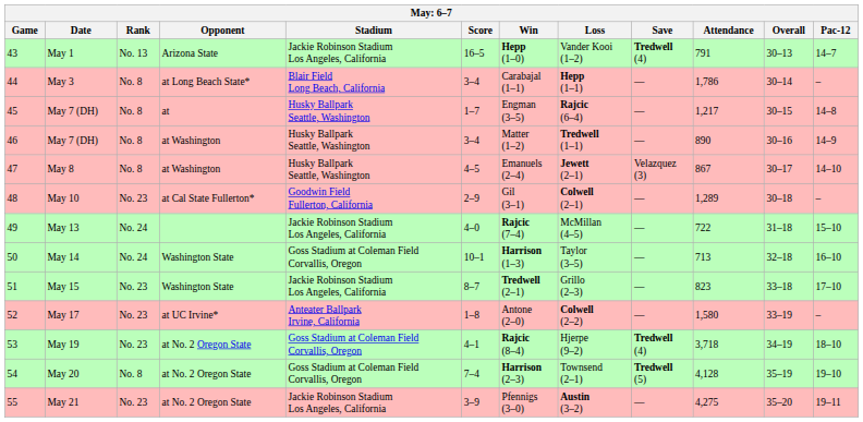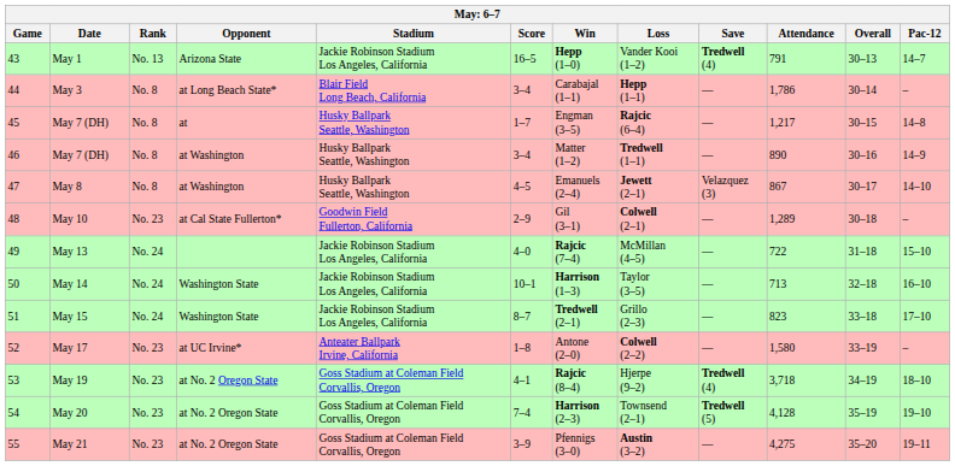 <table class="wikitable collapsible collapsed" style="margin:auto; font-size:95%; width:100%">
 <tr>
 <th colspan=12>May: 6–7</th>
 </tr>
 <tr>
 <th>Game</th>
 <th>Date</th>
 <th>Rank</th>
 <th>Opponent</th>
 <th>Stadium</th>
 <th>Score</th>
 <th>Win</th>
 <th>Loss</th>
 <th>Save</th>
 <th>Attendance</th>
 <th>Overall</th>
 <th>Pac-12</th>
 </tr>
 <tr style="background:#bfb;">
 <td>43</td>
 <td>May 1</td>
 <td>No. 13</td>
 <td>Arizona State</td>
 <td>Jackie Robinson Stadium<br>Los Angeles, California</td>
 <td>16–5</td>
 <td><strong>Hepp</strong><br>(1–0)</td>
 <td>Vander Kooi<br>(1–2)</td>
 <td><strong>Tredwell</strong><br>(4)</td>
 <td>791</td>
 <td>30–13</td>
 <td>14–7</td>
 </tr>
 <tr style="background:#fbb;">
 <td>44</td>
 <td>May 3</td>
 <td>No. 8</td>
 <td>at Long Beach State*</td>
 <td><a href='#'>Blair Field</a><br><a href='#'>Long Beach, California</a></td>
 <td>3–4</td>
 <td>Carabajal<br>(1–1)</td>
 <td><strong>Hepp</strong><br>(1–1)</td>
 <td>—</td>
 <td>1,786</td>
 <td>30–14</td>
 <td>–</td>
 </tr>
 <tr style="background:#fbb;">
 <td>45</td>
 <td>May 7 (DH)</td>
 <td>No. 8</td>
 <td>at </td>
 <td><a href='#'>Husky Ballpark</a><br><a href='#'>Seattle, Washington</a></td>
 <td>1–7</td>
 <td>Engman<br>(3–5)</td>
 <td><strong>Rajcic</strong><br>(6–4)</td>
 <td>—</td>
 <td>1,217</td>
 <td>30–15</td>
 <td>14–8</td>
 </tr>
 <tr style="background:#fbb;">
 <td>46</td>
 <td>May 7 (DH)</td>
 <td>No. 8</td>
 <td>at Washington</td>
 <td>Husky Ballpark<br>Seattle, Washington</td>
 <td>3–4</td>
 <td>Matter<br>(1–2)</td>
 <td><strong>Tredwell</strong><br>(1–1)</td>
 <td>—</td>
 <td>890</td>
 <td>30–16</td>
 <td>14–9</td>
 </tr>
 <tr style="background:#fbb;">
 <td>47</td>
 <td>May 8</td>
 <td>No. 8</td>
 <td>at Washington</td>
 <td>Husky Ballpark<br>Seattle, Washington</td>
 <td>4–5</td>
 <td>Emanuels<br>(2–4)</td>
 <td><strong>Jewett</strong><br>(2–1)</td>
 <td>Velazquez<br>(3)</td>
 <td>867</td>
 <td>30–17</td>
 <td>14–10</td>
 </tr>
 <tr style="background:#fbb;">
 <td>48</td>
 <td>May 10</td>
 <td>No. 23</td>
 <td>at Cal State Fullerton*</td>
 <td><a href='#'>Goodwin Field</a><br><a href='#'>Fullerton, California</a></td>
 <td>2–9</td>
 <td>Gil<br>(3–1)</td>
 <td><strong>Colwell</strong><br>(2–1)</td>
 <td>—</td>
 <td>1,289</td>
 <td>30–18</td>
 <td>–</td>
 </tr>
 <tr style="background:#bfb;">
 <td>49</td>
 <td>May 13</td>
 <td>No. 24</td>
 <td></td>
 <td>Jackie Robinson Stadium<br>Los Angeles, California</td>
 <td>4–0</td>
 <td><strong>Rajcic</strong><br>(7–4)</td>
 <td>McMillan<br>(4–5)</td>
 <td>—</td>
 <td>722</td>
 <td>31–18</td>
 <td>15–10</td>
 </tr>
 <tr style="background:#bfb;">
 <td>50</td>
 <td>May 14</td>
 <td>No. 24</td>
 <td>Washington State</td>
-<td>Goss Stadium at Coleman Field<br>Corvallis, Oregon</td>
+<td>Jackie Robinson Stadium<br>Los Angeles, California</td>
 <td>10–1</td>
 <td><strong>Harrison</strong><br>(1–3)</td>
 <td>Taylor<br>(3–5)</td>
 <td>—</td>
 <td>713</td>
 <td>32–18</td>
 <td>16–10</td>
 </tr>
 <tr style="background:#bfb;">
 <td>51</td>
 <td>May 15</td>
-<td>No. 23</td>
+<td>No. 24</td>
 <td>Washington State</td>
 <td>Jackie Robinson Stadium<br>Los Angeles, California</td>
 <td>8–7</td>
 <td><strong>Tredwell</strong><br>(2–1)</td>
 <td>Grillo<br>(2–3)</td>
 <td>—</td>
 <td>823</td>
 <td>33–18</td>
 <td>17–10</td>
 </tr>
 <tr style="background:#fbb;">
 <td>52</td>
 <td>May 17</td>
 <td>No. 23</td>
 <td>at UC Irvine*</td>
 <td><a href='#'>Anteater Ballpark</a><br><a href='#'>Irvine, California</a></td>
 <td>1–8</td>
 <td>Antone<br>(2–0)</td>
 <td><strong>Colwell</strong><br>(2–2)</td>
 <td>—</td>
 <td>1,580</td>
 <td>33–19</td>
 <td>–</td>
 </tr>
 <tr style="background:#bfb;">
 <td>53</td>
 <td>May 19</td>
 <td>No. 23</td>
 <td>at No. 2 <a href='#'>Oregon State</a></td>
 <td><a href='#'>Goss Stadium at Coleman Field</a><br><a href='#'>Corvallis, Oregon</a></td>
 <td>4–1</td>
 <td><strong>Rajcic</strong><br>(8–4)</td>
 <td>Hjerpe<br>(9–2)</td>
 <td><strong>Tredwell</strong><br>(4)</td>
 <td>3,718</td>
 <td>34–19</td>
 <td>18–10</td>
 </tr>
 <tr style="background:#bfb;">
 <td>54</td>
 <td>May 20</td>
-<td>No. 8</td>
+<td>No. 23</td>
 <td>at No. 2 Oregon State</td>
 <td>Goss Stadium at Coleman Field<br>Corvallis, Oregon</td>
 <td>7–4</td>
 <td><strong>Harrison</strong><br>(2–3)</td>
 <td>Townsend<br>(2–1)</td>
 <td><strong>Tredwell</strong><br>(5)</td>
 <td>4,128</td>
 <td>35–19</td>
 <td>19–10</td>
 </tr>
 <tr style="background:#fbb;">
 <td>55</td>
 <td>May 21</td>
 <td>No. 23</td>
 <td>at No. 2 Oregon State</td>
-<td>Jackie Robinson Stadium<br>Los Angeles, California</td>
+<td>Goss Stadium at Coleman Field<br>Corvallis, Oregon</td>
 <td>3–9</td>
 <td>Pfennigs<br>(3–0)</td>
 <td><strong>Austin</strong><br>(3–2)</td>
 <td>—</td>
 <td>4,275</td>
 <td>35–20</td>
 <td>19–11</td>
 </tr>
 </table>
